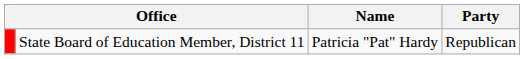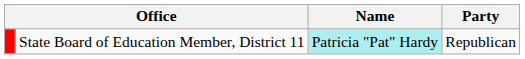 <table class="wikitable">
 <tr>
 <th colspan="2">Office</th>
 <th>Name</th>
 <th>Party</th>
 </tr>
 <tr>
 <td bgcolor="red"> </td>
 <td>State Board of Education Member, District 11</td>
-<td>Patricia "Pat" Hardy</td>
+<td style="background: paleturquoise;">Patricia "Pat" Hardy</td>
 <td>Republican</td>
 </tr>
 </table>
